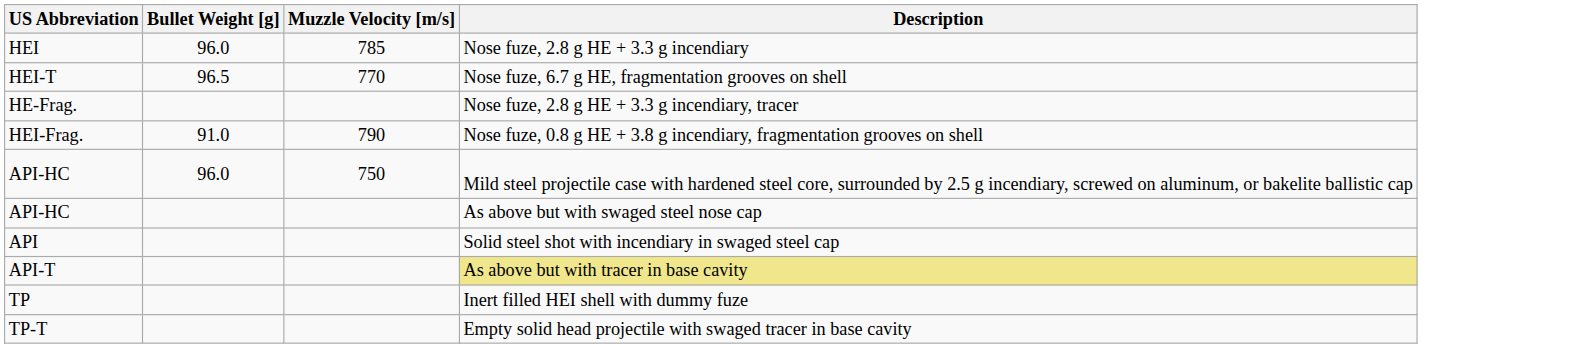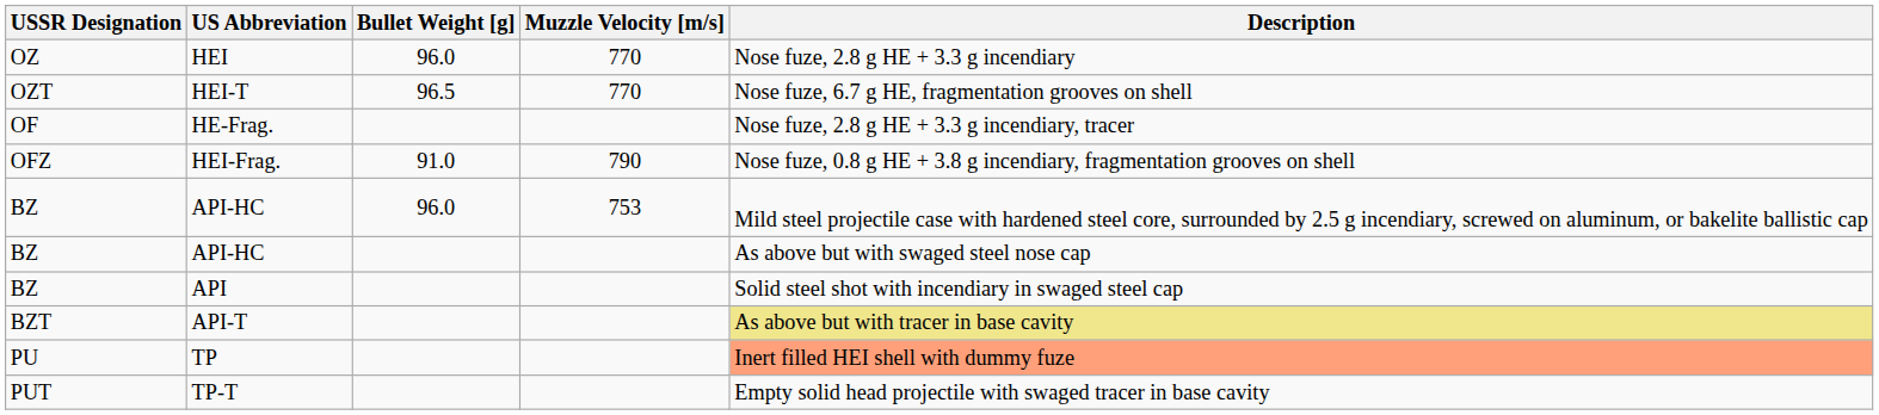 <table class="wikitable">
 <tr ---->
+<th><span>USSR Designation</span></th>
 <th><span>US Abbreviation</span></th>
 <th><span>Bullet Weight [g]</span></th>
 <th><span>Muzzle Velocity [m/s]</span></th>
 <th><span>Description</span></th>
 </tr>
 <tr ---->
+<td>OZ</td>
 <td>HEI</td>
 <td align="center">96.0</td>
-<td align="center">785</td>
+<td align="center">770</td>
 <td>Nose fuze, 2.8 g HE + 3.3 g incendiary</td>
 </tr>
 <tr ---->
+<td>OZT</td>
 <td>HEI-T</td>
 <td align="center">96.5</td>
 <td align="center">770</td>
 <td>Nose fuze, 6.7 g HE, fragmentation grooves on shell</td>
 </tr>
 <tr ---->
+<td>OF</td>
 <td>HE-Frag.</td>
 <td><br></td>
 <td><br></td>
 <td>Nose fuze, 2.8 g HE + 3.3 g incendiary, tracer</td>
 </tr>
 <tr ---->
+<td>OFZ</td>
 <td>HEI-Frag.</td>
 <td align="center">91.0</td>
 <td align="center">790</td>
 <td>Nose fuze, 0.8 g HE + 3.8 g incendiary, fragmentation grooves on shell</td>
 </tr>
 <tr ---->
+<td>BZ</td>
 <td>API-HC</td>
 <td align="center">96.0</td>
-<td align="center">750</td>
+<td align="center">753</td>
 <td><br>Mild steel projectile case with hardened steel core, surrounded by 2.5 g incendiary, screwed on aluminum, or bakelite ballistic cap</td>
 </tr>
 <tr ---->
+<td>BZ</td>
 <td>API-HC</td>
 <td><br></td>
 <td><br></td>
 <td>As above but with swaged steel nose cap</td>
 </tr>
 <tr ---->
+<td>BZ</td>
 <td>API</td>
 <td><br></td>
 <td><br></td>
 <td>Solid steel shot with incendiary in swaged steel cap</td>
 </tr>
 <tr ---->
+<td>BZT</td>
 <td>API-T</td>
 <td><br></td>
 <td><br></td>
 <td style="background: khaki;">As above but with tracer in base cavity</td>
 </tr>
 <tr ---->
+<td>PU</td>
 <td>TP</td>
 <td><br></td>
 <td><br></td>
-<td>Inert filled HEI shell with dummy fuze</td>
+<td style="background: lightsalmon;">Inert filled HEI shell with dummy fuze</td>
 </tr>
 <tr ---->
+<td>PUT</td>
 <td>TP-T</td>
 <td><br></td>
 <td><br></td>
 <td>Empty solid head projectile with swaged tracer in base cavity</td>
 </tr>
 </table>
